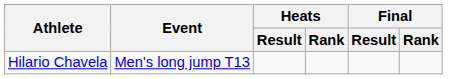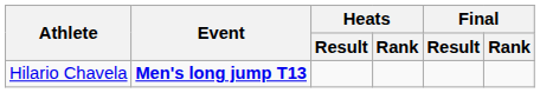 <table class=wikitable style="font-size:90%">
 <tr>
 <th rowspan="2">Athlete</th>
 <th rowspan="2">Event</th>
 <th colspan="2">Heats</th>
 <th colspan="2">Final</th>
 </tr>
 <tr>
 <th>Result</th>
 <th>Rank</th>
 <th>Result</th>
 <th>Rank</th>
 </tr>
 <tr align=center>
 <td align=left><a href='#'>Hilario Chavela</a></td>
-<td align=left><a href='#'>Men's long jump T13</a></td>
+<td align=left><strong><a href='#'>Men's long jump T13</a></strong></td>
 <td></td>
 <td></td>
 <td></td>
 <td></td>
 </tr>
 </table>
